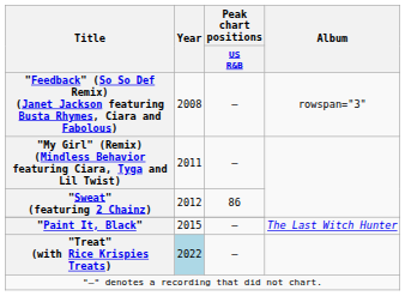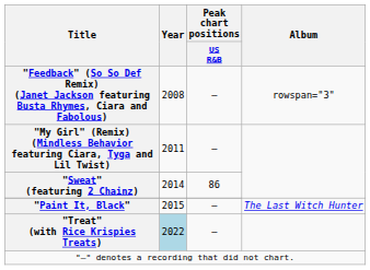 <table class="wikitable plainrowheaders" style="text-align:center;">
 <tr>
 <th scope="col" rowspan="2" style="width:16em;">Title</th>
 <th scope="col" rowspan="2">Year</th>
 <th scope="col" colspan="1">Peak chart positions</th>
 <th scope="col" rowspan="2">Album</th>
 </tr>
 <tr>
 <th scope="col" style="width:3em;font-size:90%;"><a href='#'>US<br>R&B</a><br></th>
 </tr>
 <tr>
 <th scope="row">"<a href='#'>Feedback</a>" (<a href='#'>So So Def</a> Remix)<br><span>(<a href='#'>Janet Jackson</a> featuring <a href='#'>Busta Rhymes</a>, Ciara and <a href='#'>Fabolous</a>)</span></th>
 <td>2008</td>
 <td>—</td>
 <td>rowspan="3" </td>
 </tr>
 <tr>
 <th scope="row">"My Girl" (Remix)<br><span>(<a href='#'>Mindless Behavior</a> featuring Ciara, <a href='#'>Tyga</a> and Lil Twist)</span></th>
 <td>2011</td>
 <td>—</td>
 </tr>
 <tr>
 <th scope="row">"<a href='#'>Sweat</a>"<br><span>(featuring <a href='#'>2 Chainz</a>)</span></th>
-<td>2012</td>
+<td>2014</td>
 <td>86</td>
 </tr>
 <tr>
 </tr>
 <tr>
 <th scope="row">"<a href='#'>Paint It, Black</a>"</th>
 <td>2015</td>
 <td>—</td>
 <td><em><a href='#'>The Last Witch Hunter</a></em></td>
 </tr>
 <tr>
 <th scope="row">"Treat"<br><span>(with <a href='#'>Rice Krispies Treats</a>)</span></th>
 <td style="background: lightblue;">2022</td>
 <td>—</td>
 <td></td>
 </tr>
 <tr>
 <td colspan="14" style="font-size:90%">"—" denotes a recording that did not chart.</td>
 </tr>
 </table>
